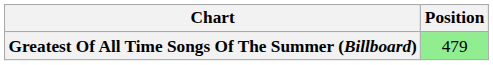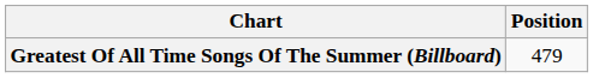 <table class="wikitable plainrowheaders" style="text-align:center">
 <tr>
 <th scope="col">Chart</th>
 <th scope="col">Position</th>
 </tr>
 <tr>
 <th scope="row">Greatest Of All Time Songs Of The Summer (<em>Billboard</em>)</th>
-<td style="background: lightgreen;">479</td>
+<td>479</td>
 </tr>
 </table>
